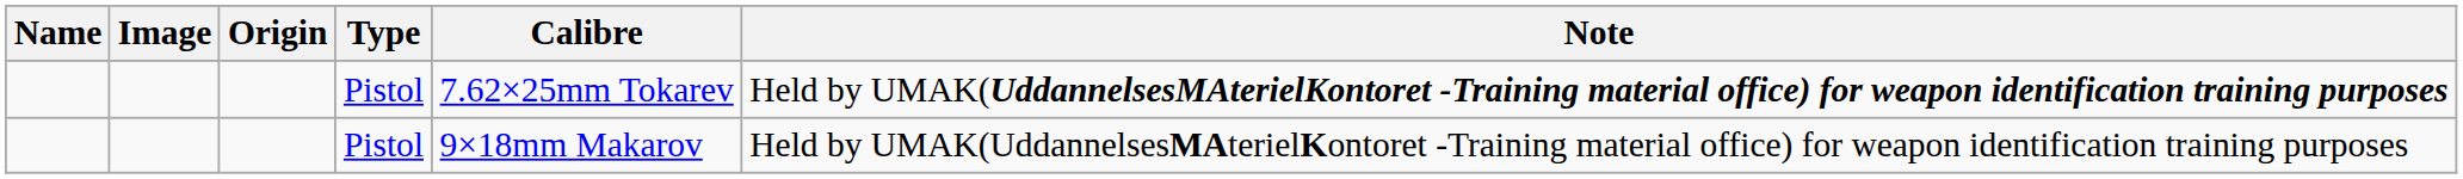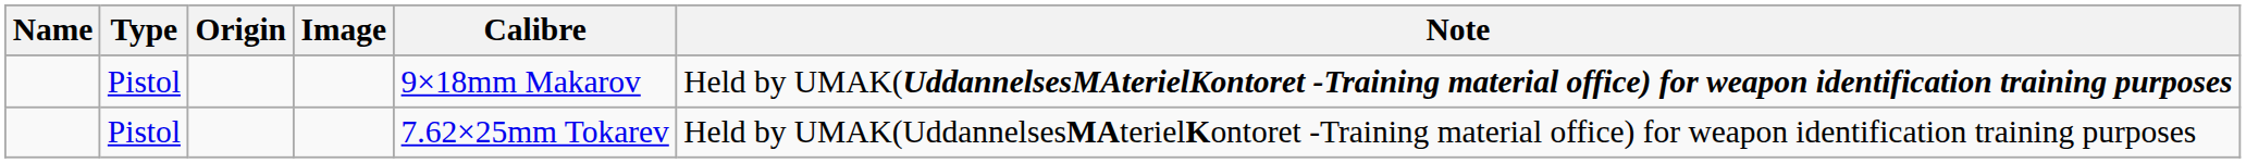 <table class="wikitable">
 <tr>
 <th>Name</th>
+<th>Type</th>
+<th>Origin</th>
 <th>Image</th>
-<th>Origin</th>
-<th>Type</th>
 <th>Calibre</th>
 <th>Note</th>
 </tr>
 <tr>
 <td></td>
+<td><a href='#'>Pistol</a></td>
 <td></td>
 <td></td>
-<td><a href='#'>Pistol</a></td>
-<td><a href='#'>7.62×25mm Tokarev</a></td>
+<td><a href='#'>9×18mm Makarov</a></td>
 <td>Held by UMAK(<strong><em>U<strong>ddannelses</strong>MA<strong>teriel</strong>K<strong>ontoret<em> -Training material office) for weapon identification training purposes</td>
 </tr>
 <tr>
 <td></td>
+<td><a href='#'>Pistol</a></td>
 <td></td>
 <td></td>
-<td><a href='#'>Pistol</a></td>
-<td><a href='#'>9×18mm Makarov</a></td>
+<td><a href='#'>7.62×25mm Tokarev</a></td>
 <td>Held by UMAK(</em></strong>U</strong>ddannelses<strong>MA</strong>teriel<strong>K</strong>ontoret</em> -Training material office) for weapon identification training purposes</td>
 </tr>
 </table>
